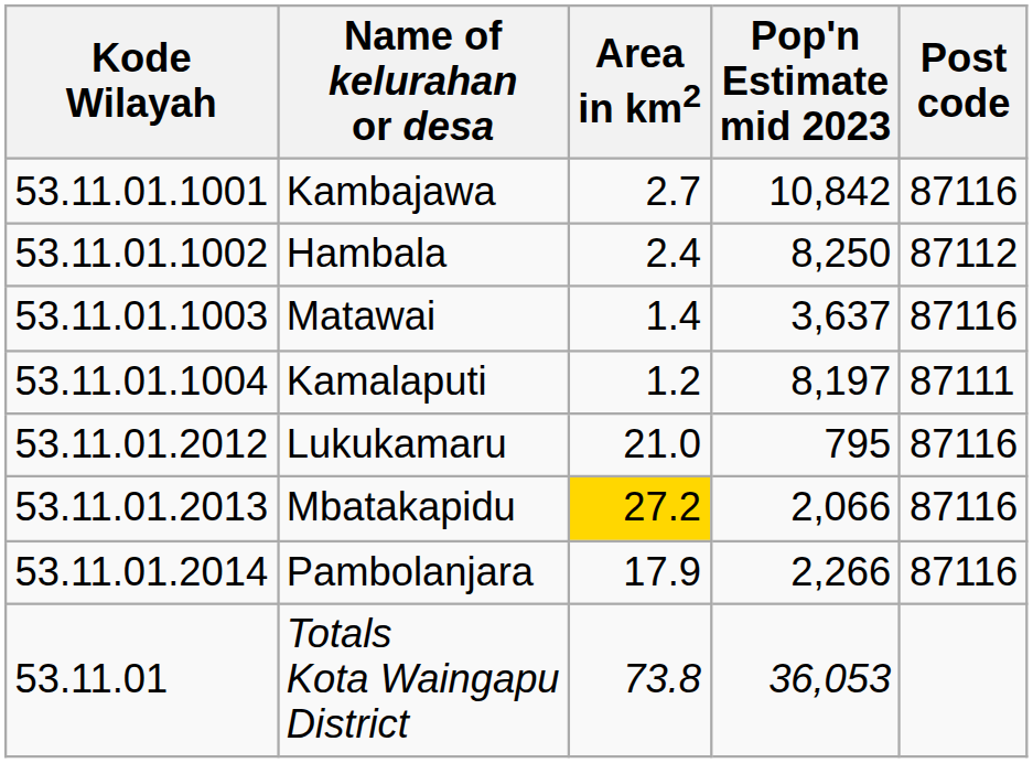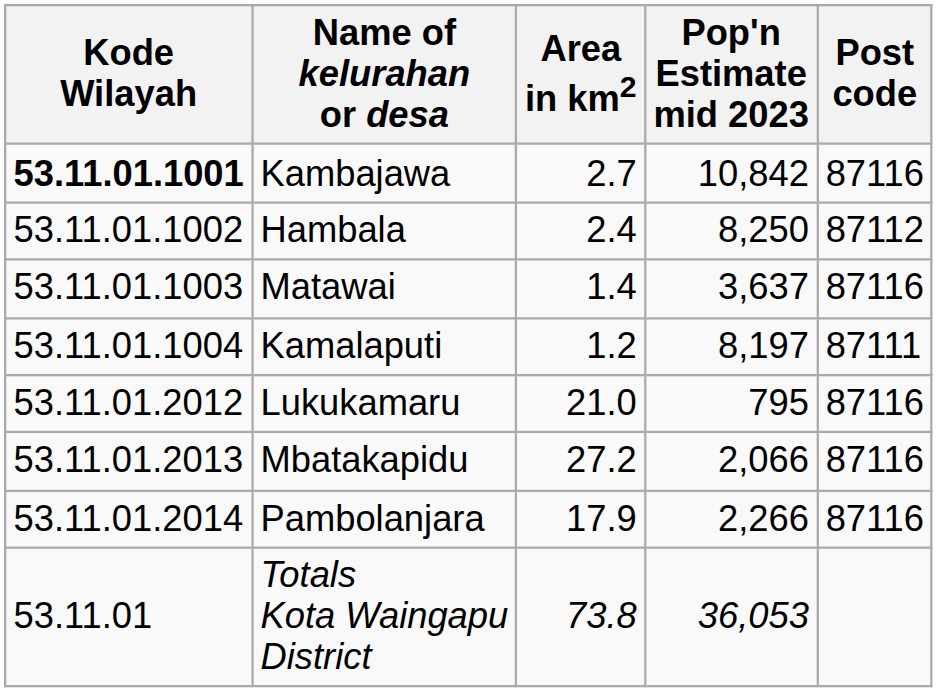 <table class="sortable wikitable">
 <tr>
 <th>Kode<br>Wilayah</th>
 <th>Name of <br><em>kelurahan</em> <br>or <em>desa</em></th>
 <th>Area <br>in km<sup>2</sup></th>
 <th>Pop'n<br>Estimate<br>mid 2023 </th>
 <th>Post<br>code</th>
 </tr>
 <tr>
-<td>53.11.01.1001</td>
+<td><strong>53.11.01.1001</strong></td>
 <td>Kambajawa</td>
 <td align="right">2.7</td>
 <td align="right">10,842</td>
 <td>87116</td>
 </tr>
 <tr>
 <td>53.11.01.1002</td>
 <td>Hambala</td>
 <td align="right">2.4</td>
 <td align="right">8,250</td>
 <td>87112</td>
 </tr>
 <tr>
 <td>53.11.01.1003</td>
 <td>Matawai</td>
 <td align="right">1.4</td>
 <td align="right">3,637</td>
 <td>87116</td>
 </tr>
 <tr>
 <td>53.11.01.1004</td>
 <td>Kamalaputi</td>
 <td align="right">1.2</td>
 <td align="right">8,197</td>
 <td>87111</td>
 </tr>
 <tr>
 <td>53.11.01.2012</td>
 <td>Lukukamaru</td>
 <td align="right">21.0</td>
 <td align="right">795</td>
 <td>87116</td>
 </tr>
 <tr>
 <td>53.11.01.2013</td>
 <td>Mbatakapidu</td>
-<td align="right" style="background: gold;">27.2</td>
+<td align="right">27.2</td>
 <td align="right">2,066</td>
 <td>87116</td>
 </tr>
 <tr>
 <td>53.11.01.2014</td>
 <td>Pambolanjara</td>
 <td align="right">17.9</td>
 <td align="right">2,266</td>
 <td>87116</td>
 </tr>
 <tr>
 <td>53.11.01</td>
 <td><em>Totals <br>Kota Waingapu <br>District</em></td>
 <td align="right"><em>73.8</em></td>
 <td align="right"><em>36,053</em></td>
 </tr>
 </table>
